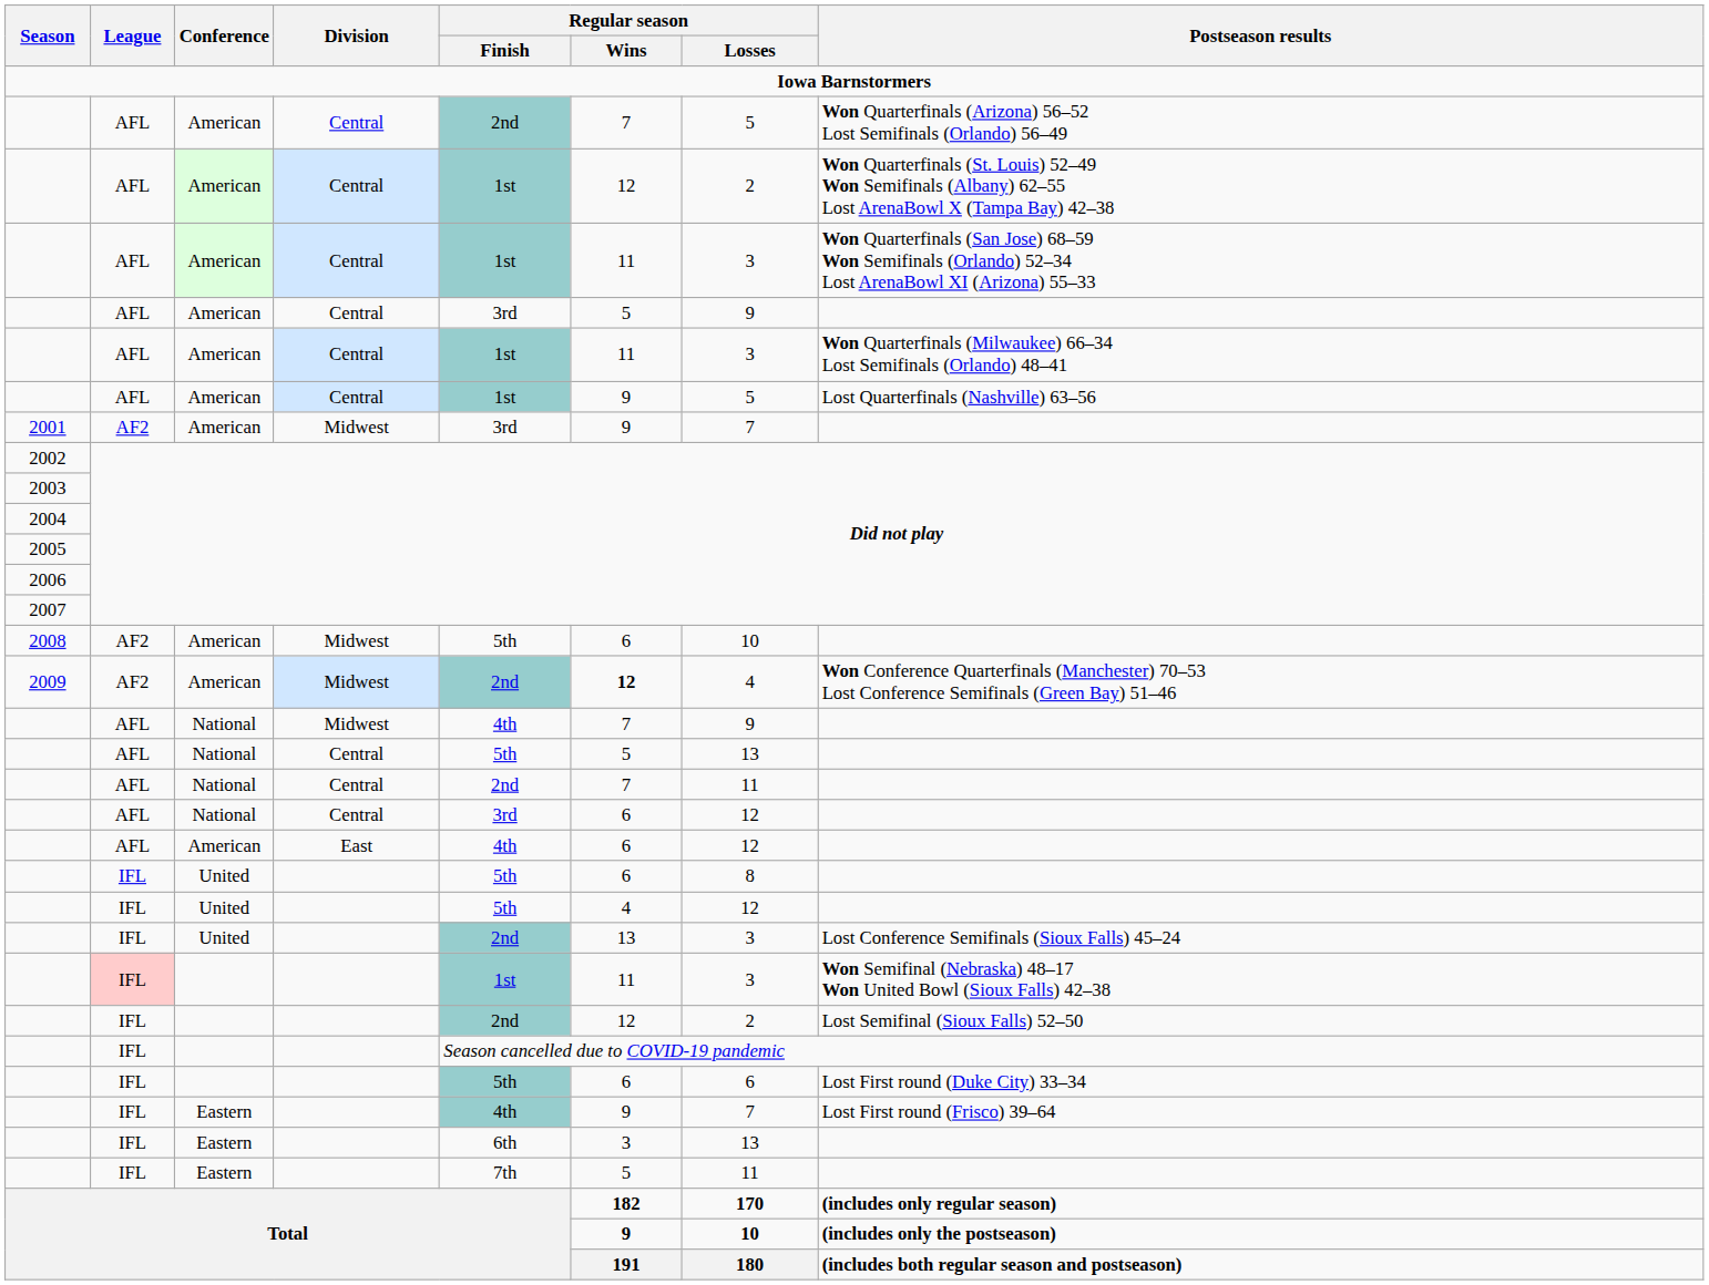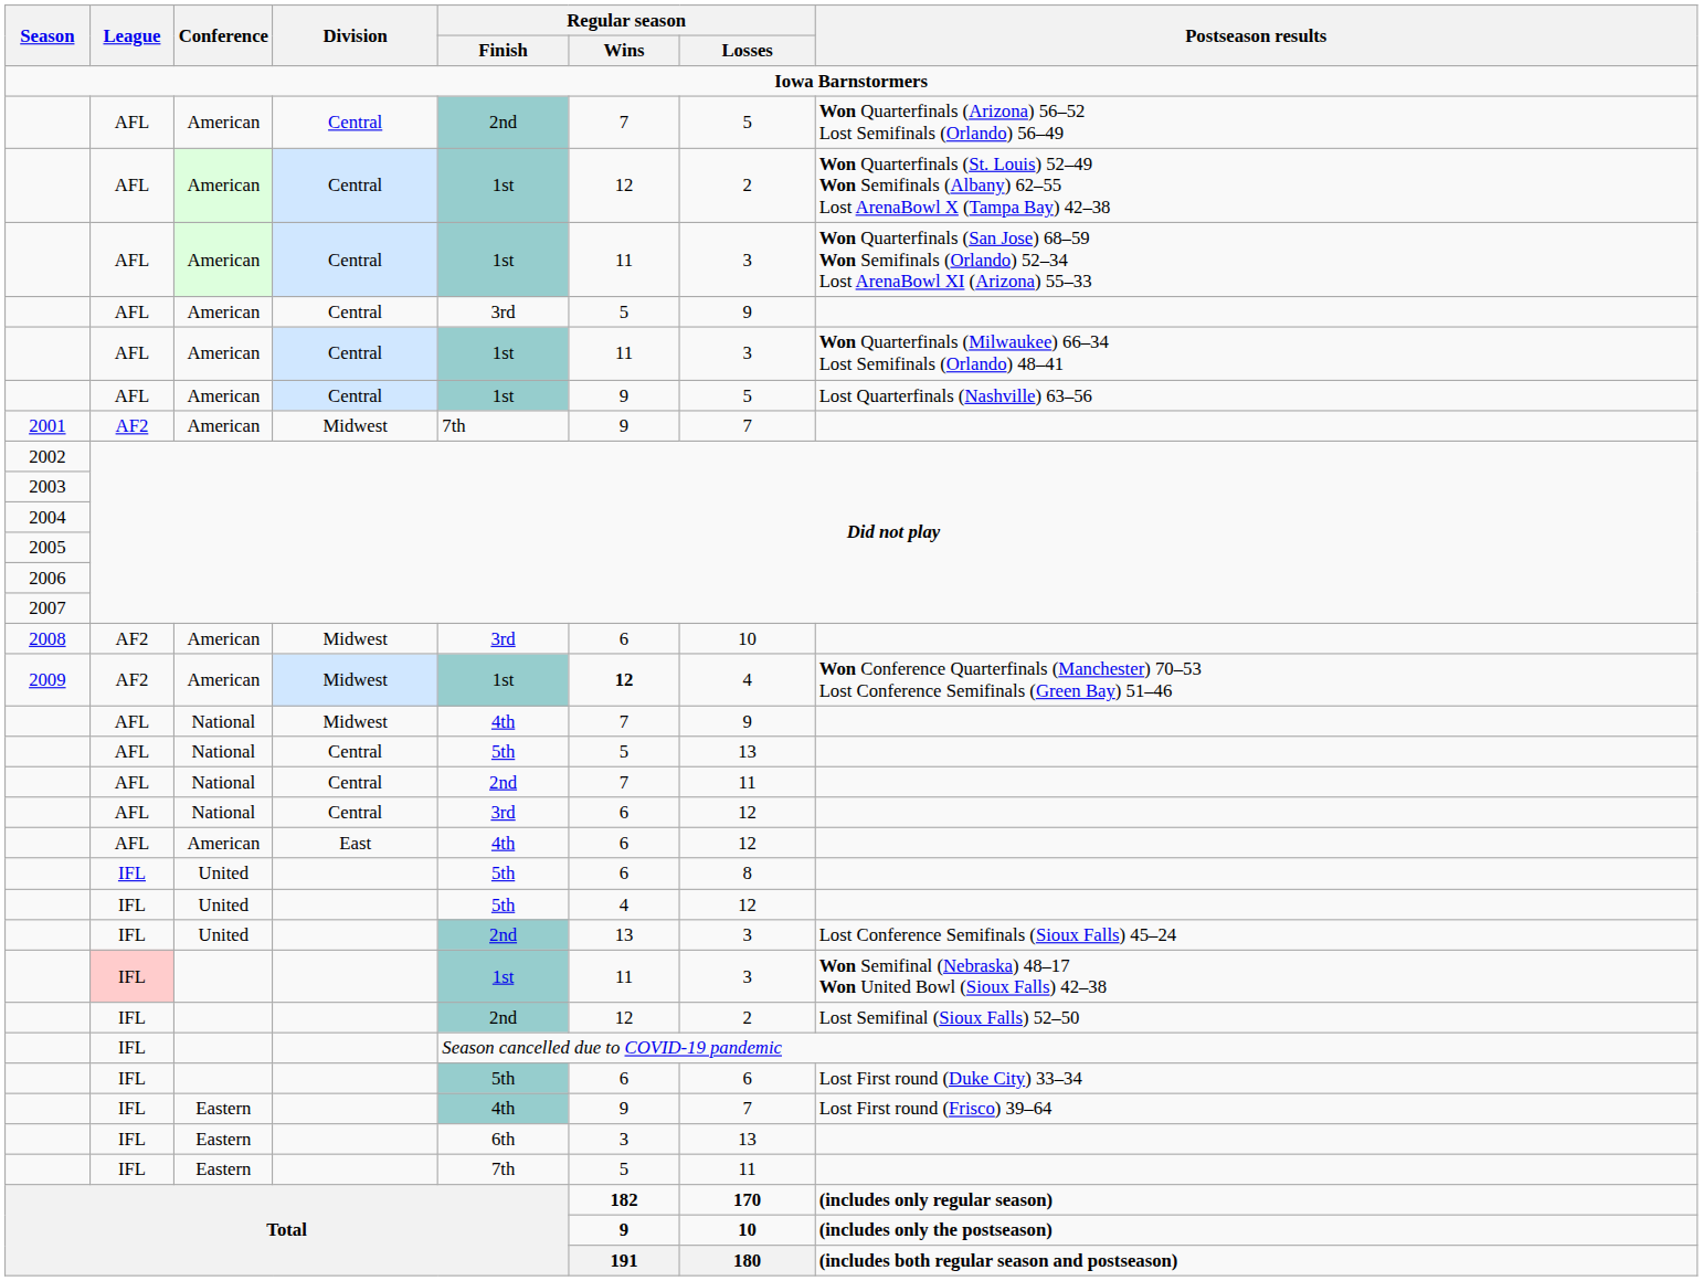 <table class="wikitable" style="font-size: 95%; width:88%;">
 <tr>
 <th rowspan="2" style="width:5%;"><a href='#'>Season</a></th>
 <th rowspan="2" style="width:5%;"><a href='#'>League</a></th>
 <th rowspan="2" style="width:5%;">Conference</th>
 <th rowspan="2">Division</th>
 <th colspan="3">Regular season</th>
 <th rowspan="2">Postseason results</th>
 </tr>
 <tr>
 <th>Finish</th>
 <th>Wins</th>
 <th>Losses</th>
 </tr>
 <tr>
 <td align="center" Colspan="9"><strong>Iowa Barnstormers</strong></td>
 </tr>
 <tr>
 <td align="center"></td>
 <td align="center">AFL</td>
 <td align="center">American</td>
 <td align="center"><a href='#'>Central</a></td>
 <td align="center" bgcolor="#96CDCD">2nd</td>
 <td align="center">7</td>
 <td align="center">5</td>
 <td><strong>Won</strong> Quarterfinals (<a href='#'>Arizona</a>) 56–52 <br> Lost Semifinals (<a href='#'>Orlando</a>) 56–49</td>
 </tr>
 <tr>
 <td align="center"></td>
 <td align="center">AFL</td>
 <td align="center" bgcolor="#DDFFDD">American</td>
 <td align="center" bgcolor="#D0E7FF">Central</td>
 <td align="center" bgcolor="#96CDCD">1st</td>
 <td align="center">12</td>
 <td align="center">2</td>
 <td><strong>Won</strong> Quarterfinals (<a href='#'>St. Louis</a>) 52–49 <br> <strong>Won</strong> Semifinals (<a href='#'>Albany</a>) 62–55 <br> Lost <a href='#'>ArenaBowl X</a> (<a href='#'>Tampa Bay</a>) 42–38</td>
 </tr>
 <tr>
 <td align="center"></td>
 <td align="center">AFL</td>
 <td align="center" bgcolor="#DDFFDD">American</td>
 <td align="center" bgcolor="#D0E7FF">Central</td>
 <td align="center" bgcolor="#96CDCD">1st</td>
 <td align="center">11</td>
 <td align="center">3</td>
 <td><strong>Won</strong> Quarterfinals (<a href='#'>San Jose</a>) 68–59 <br> <strong>Won</strong> Semifinals (<a href='#'>Orlando</a>) 52–34 <br> Lost <a href='#'>ArenaBowl XI</a> (<a href='#'>Arizona</a>) 55–33</td>
 </tr>
 <tr>
 <td align="center"></td>
 <td align="center">AFL</td>
 <td align="center">American</td>
 <td align="center">Central</td>
 <td align="center">3rd</td>
 <td align="center">5</td>
 <td align="center">9</td>
 <td></td>
 </tr>
 <tr>
 <td align="center"></td>
 <td align="center">AFL</td>
 <td align="center">American</td>
 <td align="center" bgcolor="#D0E7FF">Central</td>
 <td align="center" bgcolor="#96CDCD">1st</td>
 <td align="center">11</td>
 <td align="center">3</td>
 <td><strong>Won</strong> Quarterfinals (<a href='#'>Milwaukee</a>) 66–34 <br> Lost Semifinals (<a href='#'>Orlando</a>) 48–41</td>
 </tr>
 <tr>
 <td align="center"></td>
 <td align="center">AFL</td>
 <td align="center">American</td>
 <td align="center" bgcolor="#D0E7FF">Central</td>
 <td align="center" bgcolor="#96CDCD">1st</td>
 <td align="center">9</td>
 <td align="center">5</td>
 <td>Lost Quarterfinals (<a href='#'>Nashville</a>) 63–56</td>
 </tr>
 <tr>
 <td align="center"><a href='#'>2001</a></td>
 <td align="center"><a href='#'>AF2</a></td>
 <td align="center">American</td>
 <td align="center">Midwest</td>
-<td align="center">3rd</td>
+<td>7th</td>
 <td align="center">9</td>
 <td align="center">7</td>
 <td></td>
 </tr>
 <tr>
 <td align="center">2002</td>
 <td colspan="7" rowspan="6" align="center"><strong><em>Did not play</em></strong></td>
 </tr>
 <tr>
 <td align="center">2003</td>
 </tr>
 <tr>
 <td align="center">2004</td>
 </tr>
 <tr>
 <td align="center">2005</td>
 </tr>
 <tr>
 <td align="center">2006</td>
 </tr>
 <tr>
 <td align="center">2007</td>
 </tr>
 <tr>
 <td align="center"><a href='#'>2008</a></td>
 <td align="center">AF2</td>
 <td align="center">American</td>
 <td align="center">Midwest</td>
-<td align="center">5th</td>
+<td align="center"><a href='#'>3rd</a></td>
 <td align="center">6</td>
 <td align="center">10</td>
 <td></td>
 </tr>
 <tr>
 <td align="center"><a href='#'>2009</a></td>
 <td align="center">AF2</td>
 <td align="center">American</td>
 <td align="center" bgcolor="#D0E7FF">Midwest</td>
-<td align="center" bgcolor="#96CDCD"><a href='#'>2nd</a></td>
+<td align="center" bgcolor="#96CDCD">1st</td>
 <td align="center"><strong>12</strong></td>
 <td align="center">4</td>
 <td><strong>Won</strong> Conference Quarterfinals (<a href='#'>Manchester</a>) 70–53 <br> Lost Conference Semifinals (<a href='#'>Green Bay</a>) 51–46</td>
 </tr>
 <tr>
 <td align="center"></td>
 <td align="center">AFL</td>
 <td align="center">National</td>
 <td align="center">Midwest</td>
 <td align="center"><a href='#'>4th</a></td>
 <td align="center">7</td>
 <td align="center">9</td>
 <td></td>
 </tr>
 <tr>
 <td align="center"></td>
 <td align="center">AFL</td>
 <td align="center">National</td>
 <td align="center">Central</td>
 <td align="center"><a href='#'>5th</a></td>
 <td align="center">5</td>
 <td align="center">13</td>
 <td></td>
 </tr>
 <tr>
 <td align="center"></td>
 <td align="center">AFL</td>
 <td align="center">National</td>
 <td align="center">Central</td>
 <td align="center"><a href='#'>2nd</a></td>
 <td align="center">7</td>
 <td align="center">11</td>
 <td></td>
 </tr>
 <tr>
 <td align="center"></td>
 <td align="center">AFL</td>
 <td align="center">National</td>
 <td align="center">Central</td>
 <td align="center"><a href='#'>3rd</a></td>
 <td align="center">6</td>
 <td align="center">12</td>
 <td></td>
 </tr>
 <tr>
 <td align="center"></td>
 <td align="center">AFL</td>
 <td align="center">American</td>
 <td align="center">East</td>
 <td align="center"><a href='#'>4th</a></td>
 <td align="center">6</td>
 <td align="center">12</td>
 <td></td>
 </tr>
 <tr>
 <td align="center"></td>
 <td align="center"><a href='#'>IFL</a></td>
 <td align="center">United</td>
 <td align="center"></td>
 <td align="center"><a href='#'>5th</a></td>
 <td align="center">6</td>
 <td align="center">8</td>
 <td></td>
 </tr>
 <tr>
 <td align="center"></td>
 <td align="center">IFL</td>
 <td align="center">United</td>
 <td align="center"></td>
 <td align="center"><a href='#'>5th</a></td>
 <td align="center">4</td>
 <td align="center">12</td>
 <td></td>
 </tr>
 <tr>
 <td align="center"></td>
 <td align="center">IFL</td>
 <td align="center">United</td>
 <td align="center"></td>
 <td align="center" bgcolor="#96CDCD"><a href='#'>2nd</a></td>
 <td align="center">13</td>
 <td align="center">3</td>
 <td>Lost Conference Semifinals (<a href='#'>Sioux Falls</a>) 45–24</td>
 </tr>
 <tr>
 <td align="center"></td>
 <td bgcolor="#FFCCCC"align="center">IFL</td>
 <td align="center"></td>
 <td align="center"></td>
 <td align="center" bgcolor="#96CDCD"><a href='#'>1st</a></td>
 <td align="center">11</td>
 <td align="center">3</td>
 <td><strong>Won</strong> Semifinal (<a href='#'>Nebraska</a>) 48–17<br><strong>Won</strong> United Bowl (<a href='#'>Sioux Falls</a>) 42–38</td>
 </tr>
 <tr>
 <td align="center"></td>
 <td align="center">IFL</td>
 <td align="center"></td>
 <td align="center"></td>
 <td align="center" bgcolor="#96CDCD">2nd</td>
 <td align="center">12</td>
 <td align="center">2</td>
 <td>Lost Semifinal (<a href='#'>Sioux Falls</a>) 52–50</td>
 </tr>
 <tr align=center>
 <td></td>
 <td>IFL</td>
 <td></td>
 <td></td>
 <td colspan=4; align=left><em>Season cancelled due to <a href='#'>COVID-19 pandemic</a></em></td>
 </tr>
 <tr align=center>
 <td></td>
 <td>IFL</td>
 <td></td>
 <td></td>
 <td bgcolor="#96CDCD">5th</td>
 <td>6</td>
 <td>6</td>
 <td align=left>Lost First round (<a href='#'>Duke City</a>) 33–34</td>
 </tr>
 <tr align=center>
 <td></td>
 <td>IFL</td>
 <td>Eastern</td>
 <td></td>
 <td bgcolor="#96CDCD">4th</td>
 <td>9</td>
 <td>7</td>
 <td align=left>Lost First round (<a href='#'>Frisco</a>) 39–64</td>
 </tr>
 <tr align=center>
 <td></td>
 <td>IFL</td>
 <td>Eastern</td>
 <td></td>
 <td>6th</td>
 <td>3</td>
 <td>13</td>
 <td align=left></td>
 </tr>
 <tr align=center>
 <td></td>
 <td>IFL</td>
 <td>Eastern</td>
 <td></td>
 <td>7th</td>
 <td>5</td>
 <td>11</td>
 <td align=left></td>
 </tr>
 <tr>
 <th align="center" rowSpan="3" colSpan="5">Total</th>
 <td align="center"><strong>182</strong></td>
 <td align="center"><strong>170</strong></td>
 <td colSpan="2"><strong>(includes only regular season)</strong></td>
 </tr>
 <tr>
 <td align="center"><strong>9</strong></td>
 <td align="center"><strong>10</strong></td>
 <td colSpan="2"><strong>(includes only the postseason)</strong></td>
 </tr>
 <tr>
 <th align="center">191</th>
 <th align="center">180</th>
 <td colSpan="2"><strong>(includes both regular season and postseason)</strong></td>
 </tr>
 </table>
